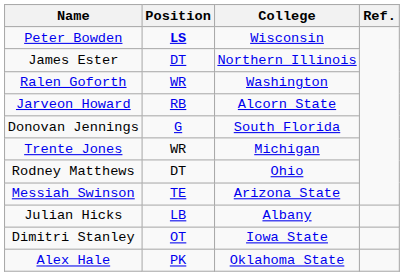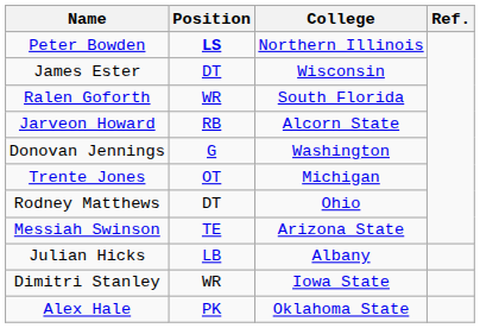 <table class="wikitable" style="text-align:center">
 <tr>
 <th>Name</th>
 <th>Position</th>
 <th>College</th>
 <th>Ref.</th>
 </tr>
 <tr>
 <td><a href='#'>Peter Bowden</a></td>
 <td><strong><a href='#'>LS</a></strong></td>
-<td><a href='#'>Wisconsin</a></td>
+<td><a href='#'>Northern Illinois</a></td>
 <td rowspan="8"></td>
 </tr>
 <tr>
 <td>James Ester</td>
 <td><a href='#'>DT</a></td>
-<td><a href='#'>Northern Illinois</a></td>
+<td><a href='#'>Wisconsin</a></td>
 </tr>
 <tr>
 <td><a href='#'>Ralen Goforth</a></td>
 <td><a href='#'>WR</a></td>
-<td><a href='#'>Washington</a></td>
+<td><a href='#'>South Florida</a></td>
 </tr>
 <tr>
 <td><a href='#'>Jarveon Howard</a></td>
 <td><a href='#'>RB</a></td>
 <td><a href='#'>Alcorn State</a></td>
 </tr>
 <tr>
 <td>Donovan Jennings</td>
 <td><a href='#'>G</a></td>
-<td><a href='#'>South Florida</a></td>
+<td><a href='#'>Washington</a></td>
 </tr>
 <tr>
 <td><a href='#'>Trente Jones</a></td>
-<td>WR</td>
+<td><a href='#'>OT</a></td>
 <td><a href='#'>Michigan</a></td>
 </tr>
 <tr>
 <td>Rodney Matthews</td>
 <td>DT</td>
 <td><a href='#'>Ohio</a></td>
 </tr>
 <tr>
 <td><a href='#'>Messiah Swinson</a></td>
 <td><a href='#'>TE</a></td>
 <td><a href='#'>Arizona State</a></td>
 </tr>
 <tr>
 <td>Julian Hicks</td>
 <td><a href='#'>LB</a></td>
 <td><a href='#'>Albany</a></td>
 <td></td>
 </tr>
 <tr>
 <td>Dimitri Stanley</td>
-<td><a href='#'>OT</a></td>
+<td>WR</td>
 <td><a href='#'>Iowa State</a></td>
 <td></td>
 </tr>
 <tr>
 <td><a href='#'>Alex Hale</a></td>
 <td><a href='#'>PK</a></td>
 <td><a href='#'>Oklahoma State</a></td>
 <td></td>
 </tr>
 </table>
